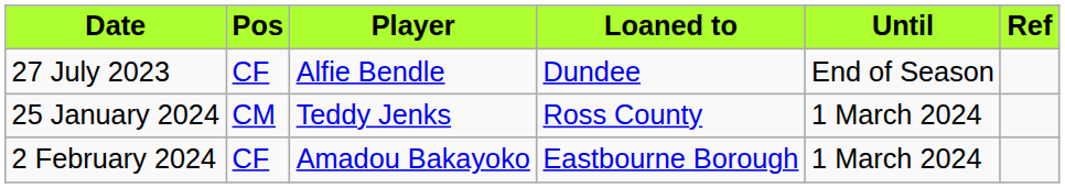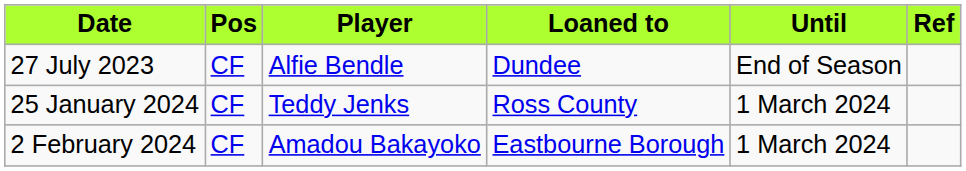 <table class="wikitable plainrowheaders sortable">
 <tr>
 <th style="background:#ADFF2F;color:black;">Date</th>
 <th style="background:#ADFF2F;color:black;">Pos</th>
 <th style="background:#ADFF2F;color:black;">Player</th>
 <th style="background:#ADFF2F;color:black;">Loaned to</th>
 <th style="background:#ADFF2F;color:black;">Until</th>
 <th style="background:#ADFF2F;color:black;">Ref</th>
 </tr>
 <tr>
 <td>27 July 2023</td>
 <td><a href='#'>CF</a></td>
 <td> <a href='#'>Alfie Bendle</a></td>
 <td> <a href='#'>Dundee</a></td>
 <td>End of Season</td>
 <td></td>
 </tr>
 <tr>
 <td>25 January 2024</td>
-<td><a href='#'>CM</a></td>
+<td><a href='#'>CF</a></td>
 <td> <a href='#'>Teddy Jenks</a></td>
 <td> <a href='#'>Ross County</a></td>
 <td>1 March 2024</td>
 <td></td>
 </tr>
 <tr>
 <td>2 February 2024</td>
 <td><a href='#'>CF</a></td>
 <td> <a href='#'>Amadou Bakayoko</a></td>
 <td> <a href='#'>Eastbourne Borough</a></td>
 <td>1 March 2024</td>
 <td></td>
 </tr>
 </table>
